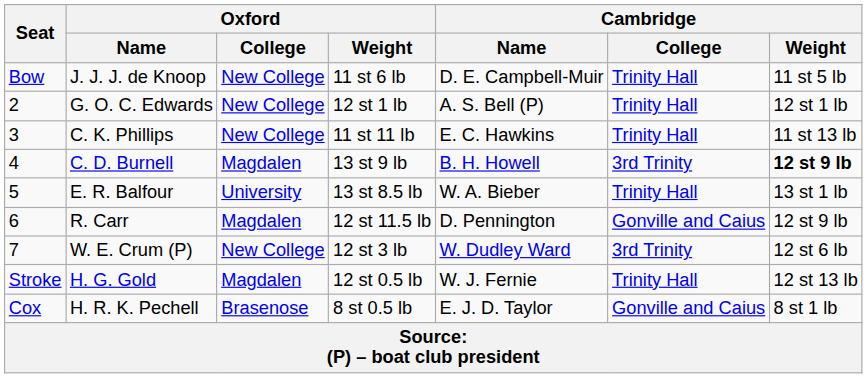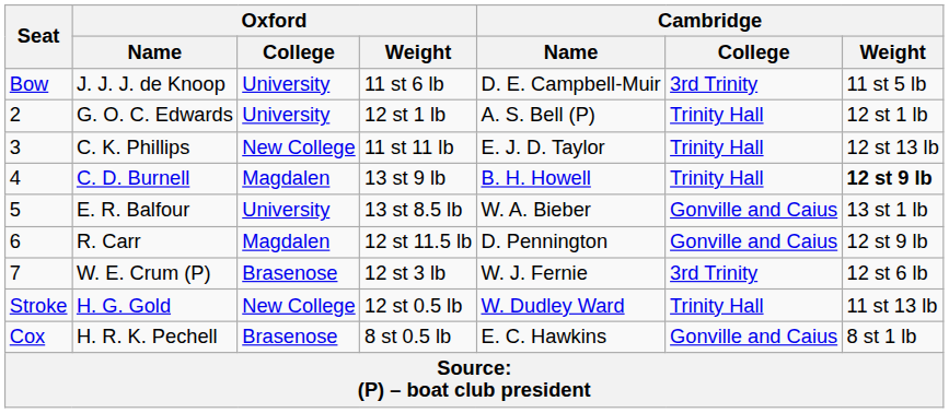 <table class="wikitable">
 <tr>
 <th rowspan="2" scope="col">Seat</th>
 <th colspan="3" scope="col">Oxford <br> </th>
 <th colspan="3" scope="col">Cambridge <br> </th>
 </tr>
 <tr>
 <th>Name</th>
 <th>College</th>
 <th>Weight</th>
 <th>Name</th>
 <th>College</th>
 <th>Weight</th>
 </tr>
 <tr>
 <td><a href='#'>Bow</a></td>
 <td>J. J. J. de Knoop</td>
-<td><a href='#'>New College</a></td>
+<td><a href='#'>University</a></td>
 <td>11 st 6 lb</td>
 <td>D. E. Campbell-Muir</td>
-<td><a href='#'>Trinity Hall</a></td>
+<td><a href='#'>3rd Trinity</a></td>
 <td>11 st 5 lb</td>
 </tr>
 <tr>
 <td>2</td>
 <td>G. O. C. Edwards</td>
-<td><a href='#'>New College</a></td>
+<td><a href='#'>University</a></td>
 <td>12 st 1 lb</td>
 <td>A. S. Bell (P)</td>
 <td><a href='#'>Trinity Hall</a></td>
 <td>12 st 1 lb</td>
 </tr>
 <tr>
 <td>3</td>
 <td>C. K. Phillips</td>
 <td><a href='#'>New College</a></td>
 <td>11 st 11 lb</td>
-<td>E. C. Hawkins</td>
+<td>E. J. D. Taylor</td>
 <td><a href='#'>Trinity Hall</a></td>
-<td>11 st 13 lb</td>
+<td>12 st 13 lb</td>
 </tr>
 <tr>
 <td>4</td>
 <td><a href='#'>C. D. Burnell</a></td>
 <td><a href='#'>Magdalen</a></td>
 <td>13 st 9 lb</td>
 <td><a href='#'>B. H. Howell</a></td>
-<td><a href='#'>3rd Trinity</a></td>
+<td><a href='#'>Trinity Hall</a></td>
 <td><strong>12 st 9 lb</strong></td>
 </tr>
 <tr>
 <td>5</td>
 <td>E. R. Balfour</td>
 <td><a href='#'>University</a></td>
 <td>13 st 8.5 lb</td>
 <td>W. A. Bieber</td>
-<td><a href='#'>Trinity Hall</a></td>
+<td><a href='#'>Gonville and Caius</a></td>
 <td>13 st 1 lb</td>
 </tr>
 <tr>
 <td>6</td>
 <td>R. Carr</td>
 <td><a href='#'>Magdalen</a></td>
 <td>12 st 11.5 lb</td>
 <td>D. Pennington</td>
 <td><a href='#'>Gonville and Caius</a></td>
 <td>12 st 9 lb</td>
 </tr>
 <tr>
 <td>7</td>
 <td>W. E. Crum (P)</td>
-<td><a href='#'>New College</a></td>
+<td><a href='#'>Brasenose</a></td>
 <td>12 st 3 lb</td>
-<td><a href='#'>W. Dudley Ward</a></td>
+<td>W. J. Fernie</td>
 <td><a href='#'>3rd Trinity</a></td>
 <td>12 st 6 lb</td>
 </tr>
 <tr>
 <td><a href='#'>Stroke</a></td>
 <td><a href='#'>H. G. Gold</a></td>
-<td><a href='#'>Magdalen</a></td>
+<td><a href='#'>New College</a></td>
 <td>12 st 0.5 lb</td>
-<td>W. J. Fernie</td>
+<td><a href='#'>W. Dudley Ward</a></td>
 <td><a href='#'>Trinity Hall</a></td>
-<td>12 st 13 lb</td>
+<td>11 st 13 lb</td>
 </tr>
 <tr>
 <td><a href='#'>Cox</a></td>
 <td>H. R. K. Pechell</td>
 <td><a href='#'>Brasenose</a></td>
 <td>8 st 0.5 lb</td>
-<td>E. J. D. Taylor</td>
+<td>E. C. Hawkins</td>
 <td><a href='#'>Gonville and Caius</a></td>
 <td>8 st 1 lb</td>
 </tr>
 <tr>
 <th colspan="7">Source:<br>(P) – boat club president</th>
 </tr>
 </table>
